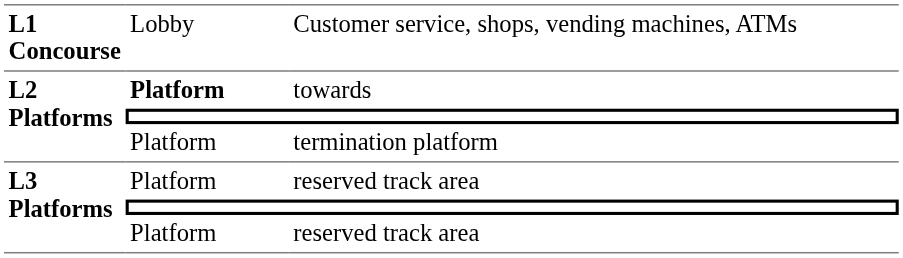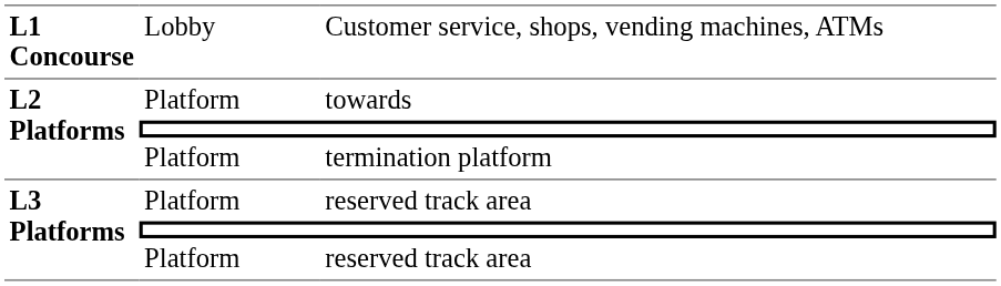 <table table border=0 cellspacing=0 cellpadding=3>
 <tr>
 <td style="border-bottom:solid 1px gray; border-top:solid 1px gray;" valign=top width=50><strong>L1<br>Concourse</strong></td>
 <td style="border-bottom:solid 1px gray; border-top:solid 1px gray;" valign=top width=100>Lobby</td>
 <td style="border-bottom:solid 1px gray; border-top:solid 1px gray;" valign=top width=390>Customer service, shops, vending machines, ATMs</td>
 </tr>
 <tr>
 <td style="border-bottom:solid 1px gray;" rowspan=3 valign=top><strong>L2<br>Platforms</strong></td>
-<td><strong>Platform </strong></td>
+<td>Platform </td>
 <td>  towards  </td>
 </tr>
 <tr>
 <td style="border-top:solid 2px black;border-bottom:solid 2px black;border-left:solid 2px black;border-right:solid 2px black;text-align:center;" colspan=2></td>
 </tr>
 <tr>
 <td style="border-bottom:solid 1px gray;" width=100 valign=top>Platform </td>
 <td style="border-bottom:solid 1px gray;" width=390 valign=top> termination platform </td>
 </tr>
 <tr>
 <td style="border-bottom:solid 1px gray;" rowspan=3 valign=top><strong>L3<br>Platforms</strong></td>
 <td>Platform</td>
 <td> reserved track area</td>
 </tr>
 <tr>
 <td style="border-top:solid 2px black;border-bottom:solid 2px black;border-left:solid 2px black;border-right:solid 2px black;text-align:center;" colspan=2></td>
 </tr>
 <tr>
 <td style="border-bottom:solid 1px gray;" width=100 valign=top>Platform</td>
 <td style="border-bottom:solid 1px gray;" width=390 valign=top> reserved track area</td>
 </tr>
 </table>
